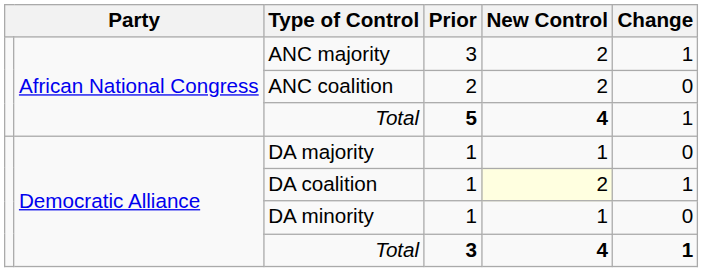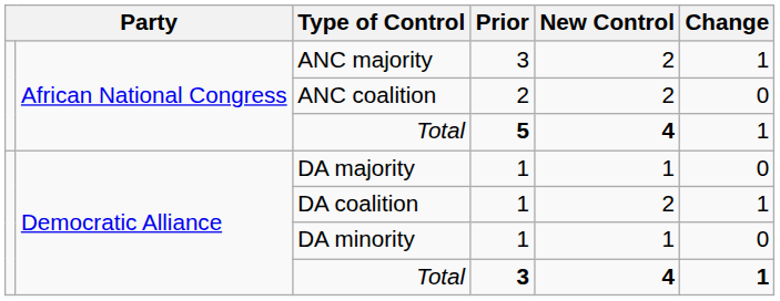 <table class="wikitable" style="text-align:right">
 <tr>
 <th colspan="2">Party</th>
 <th>Type of Control</th>
 <th>Prior</th>
 <th>New Control</th>
 <th>Change</th>
 </tr>
 <tr>
 <td rowspan="3" style="background:"></td>
 <td rowspan="3" style="text-align:left;"><a href='#'>African National Congress</a></td>
 <td style="text-align:left;">ANC majority</td>
 <td>3</td>
 <td>2</td>
 <td> 1</td>
 </tr>
 <tr>
 <td style="text-align:left;">ANC coalition</td>
 <td>2</td>
 <td>2</td>
 <td> 0</td>
 </tr>
 <tr>
 <td><em>Total</em></td>
 <td><strong>5</strong></td>
 <td><strong>4</strong></td>
 <td> 1</td>
 </tr>
 <tr>
 <td rowspan="4" style="background:"></td>
 <td rowspan="4" style="text-align:left;"><a href='#'>Democratic Alliance</a></td>
 <td style="text-align:left;">DA majority</td>
 <td>1</td>
 <td>1</td>
 <td> 0</td>
 </tr>
 <tr>
 <td style="text-align:left;">DA coalition</td>
 <td>1</td>
-<td style="background: lightyellow;">2</td>
+<td>2</td>
 <td> 1</td>
 </tr>
 <tr>
 <td style="text-align:left;">DA minority</td>
 <td>1</td>
 <td>1</td>
 <td> 0</td>
 </tr>
 <tr>
 <td><em>Total</em></td>
 <td><strong>3</strong></td>
 <td><strong>4</strong></td>
 <td><strong>1</strong></td>
 </tr>
 </table>
